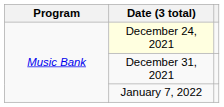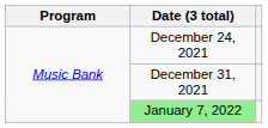 <table class="sortable wikitable" style="text-align:center;">
 <tr>
 <th width="140">Program</th>
 <th width="140">Date (3 total)</th>
 <th class="unsortable"></th>
 </tr>
 <tr>
 <td rowspan="3"><em><a href='#'>Music Bank</a></em></td>
-<td style="background: lightyellow;">December 24, 2021</td>
+<td>December 24, 2021</td>
 <td></td>
 </tr>
 <tr>
 <td>December 31, 2021</td>
 <td></td>
 </tr>
 <tr>
-<td>January 7, 2022</td>
+<td style="background: lightgreen;">January 7, 2022</td>
 <td></td>
 </tr>
 </table>
